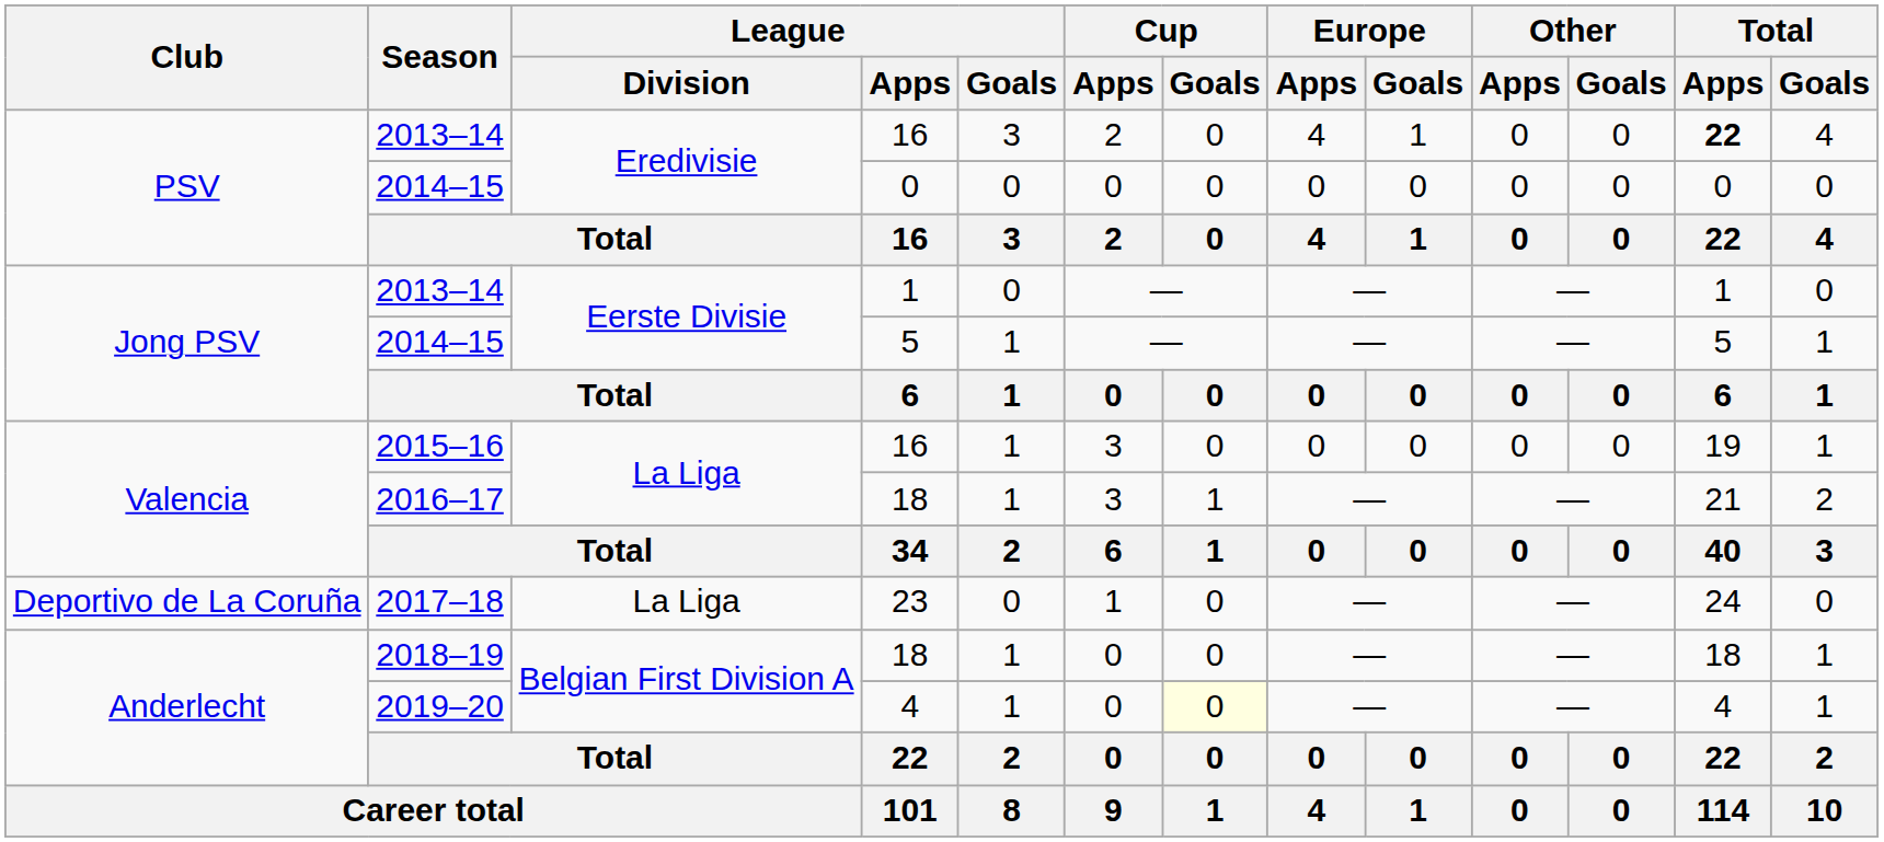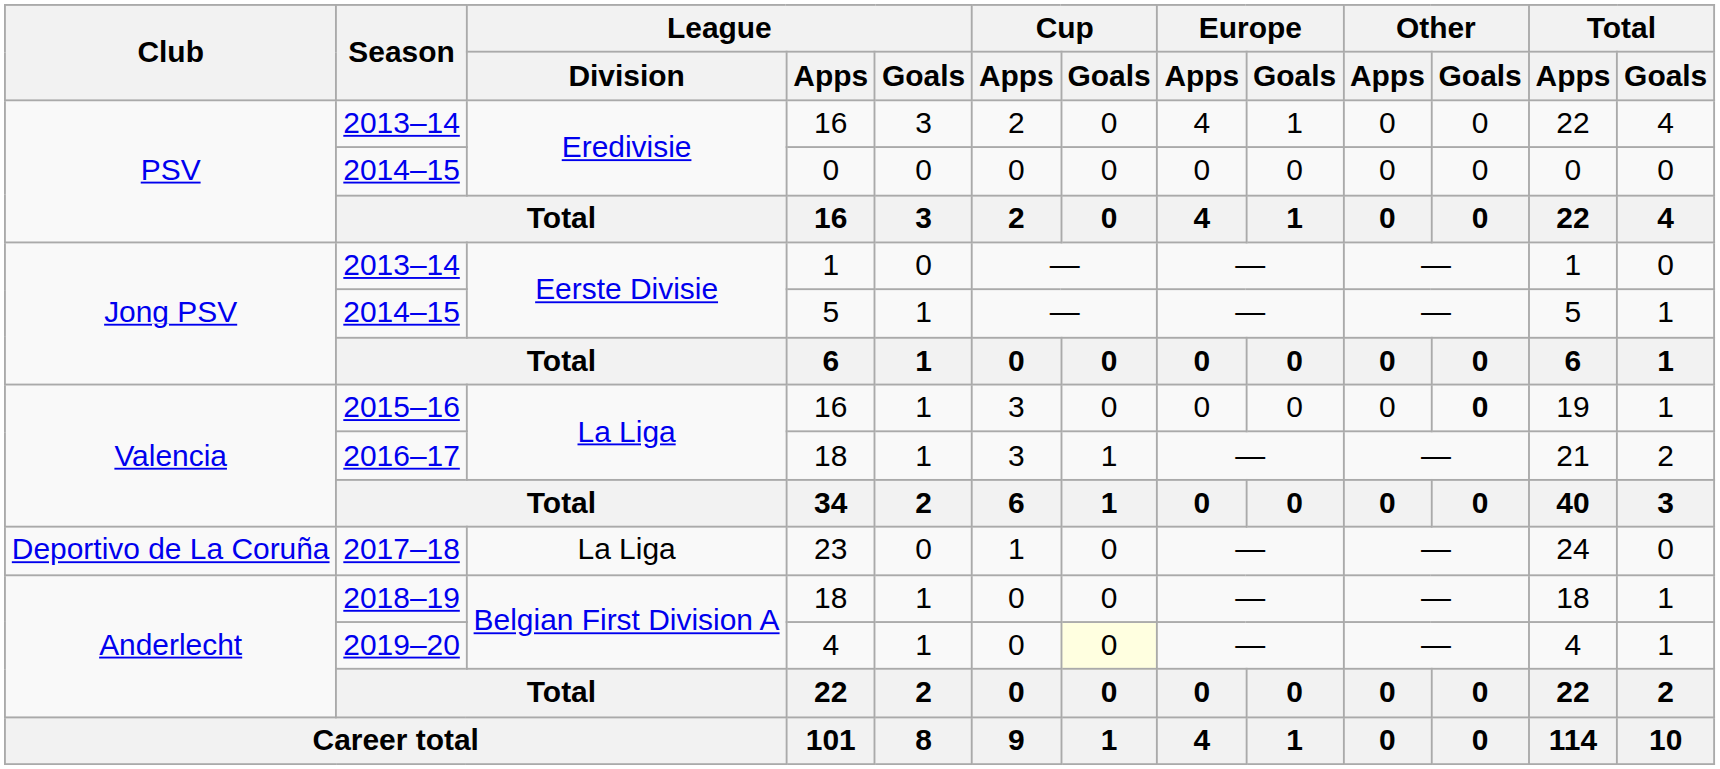 <table class="wikitable" style="text-align:center">
 <tr>
 <th rowspan="2">Club</th>
 <th rowspan="2">Season</th>
 <th colspan="3">League</th>
 <th colspan="2">Cup</th>
 <th colspan="2">Europe</th>
 <th colspan="2">Other</th>
 <th colspan="2">Total</th>
 </tr>
 <tr>
 <th>Division</th>
 <th>Apps</th>
 <th>Goals</th>
 <th>Apps</th>
 <th>Goals</th>
 <th>Apps</th>
 <th>Goals</th>
 <th>Apps</th>
 <th>Goals</th>
 <th>Apps</th>
 <th>Goals</th>
 </tr>
 <tr>
 <td rowspan="3"><a href='#'>PSV</a></td>
 <td><a href='#'>2013–14</a></td>
 <td rowspan="2"><a href='#'>Eredivisie</a></td>
 <td>16</td>
 <td>3</td>
 <td>2</td>
 <td>0</td>
 <td>4</td>
 <td>1</td>
 <td>0</td>
 <td>0</td>
-<td><strong>22</strong></td>
+<td>22</td>
 <td>4</td>
 </tr>
 <tr>
 <td><a href='#'>2014–15</a></td>
 <td>0</td>
 <td>0</td>
 <td>0</td>
 <td>0</td>
 <td>0</td>
 <td>0</td>
 <td>0</td>
 <td>0</td>
 <td>0</td>
 <td>0</td>
 </tr>
 <tr>
 <th colspan="2">Total</th>
 <th>16</th>
 <th>3</th>
 <th>2</th>
 <th>0</th>
 <th>4</th>
 <th>1</th>
 <th>0</th>
 <th>0</th>
 <th>22</th>
 <th>4</th>
 </tr>
 <tr>
 <td rowspan="3"><a href='#'>Jong PSV</a></td>
 <td><a href='#'>2013–14</a></td>
 <td rowspan="2"><a href='#'>Eerste Divisie</a></td>
 <td>1</td>
 <td>0</td>
 <td colspan="2">—</td>
 <td colspan="2">—</td>
 <td colspan="2">—</td>
 <td>1</td>
 <td>0</td>
 </tr>
 <tr>
 <td><a href='#'>2014–15</a></td>
 <td>5</td>
 <td>1</td>
 <td colspan="2">—</td>
 <td colspan="2">—</td>
 <td colspan="2">—</td>
 <td>5</td>
 <td>1</td>
 </tr>
 <tr>
 <th colspan="2">Total</th>
 <th>6</th>
 <th>1</th>
 <th>0</th>
 <th>0</th>
 <th>0</th>
 <th>0</th>
 <th>0</th>
 <th>0</th>
 <th>6</th>
 <th>1</th>
 </tr>
 <tr>
 <td rowspan="3"><a href='#'>Valencia</a></td>
 <td><a href='#'>2015–16</a></td>
 <td rowspan="2"><a href='#'>La Liga</a></td>
 <td>16</td>
 <td>1</td>
 <td>3</td>
 <td>0</td>
 <td>0</td>
 <td>0</td>
 <td>0</td>
-<td>0</td>
+<td><strong>0</strong></td>
 <td>19</td>
 <td>1</td>
 </tr>
 <tr>
 <td><a href='#'>2016–17</a></td>
 <td>18</td>
 <td>1</td>
 <td>3</td>
 <td>1</td>
 <td colspan="2">—</td>
 <td colspan="2">—</td>
 <td>21</td>
 <td>2</td>
 </tr>
 <tr>
 <th colspan="2">Total</th>
 <th>34</th>
 <th>2</th>
 <th>6</th>
 <th>1</th>
 <th>0</th>
 <th>0</th>
 <th>0</th>
 <th>0</th>
 <th>40</th>
 <th>3</th>
 </tr>
 <tr>
 <td><a href='#'>Deportivo de La Coruña</a></td>
 <td><a href='#'>2017–18</a></td>
 <td>La Liga</td>
 <td>23</td>
 <td>0</td>
 <td>1</td>
 <td>0</td>
 <td colspan="2">—</td>
 <td colspan="2">—</td>
 <td>24</td>
 <td>0</td>
 </tr>
 <tr>
 <td rowspan="3"><a href='#'>Anderlecht</a></td>
 <td><a href='#'>2018–19</a></td>
 <td rowspan="2"><a href='#'>Belgian First Division A</a></td>
 <td>18</td>
 <td>1</td>
 <td>0</td>
 <td>0</td>
 <td colspan="2">—</td>
 <td colspan="2">—</td>
 <td>18</td>
 <td>1</td>
 </tr>
 <tr>
 <td><a href='#'>2019–20</a></td>
 <td>4</td>
 <td>1</td>
 <td>0</td>
 <td style="background: lightyellow;">0</td>
 <td colspan="2">—</td>
 <td colspan="2">—</td>
 <td>4</td>
 <td>1</td>
 </tr>
 <tr>
 <th colspan="2">Total</th>
 <th>22</th>
 <th>2</th>
 <th>0</th>
 <th>0</th>
 <th>0</th>
 <th>0</th>
 <th>0</th>
 <th>0</th>
 <th>22</th>
 <th>2</th>
 </tr>
 <tr>
 <th colspan="3">Career total</th>
 <th>101</th>
 <th>8</th>
 <th>9</th>
 <th>1</th>
 <th>4</th>
 <th>1</th>
 <th>0</th>
 <th>0</th>
 <th>114</th>
 <th>10</th>
 </tr>
 </table>
